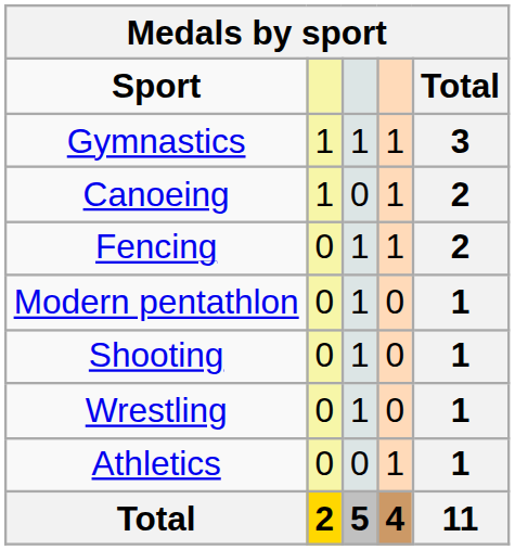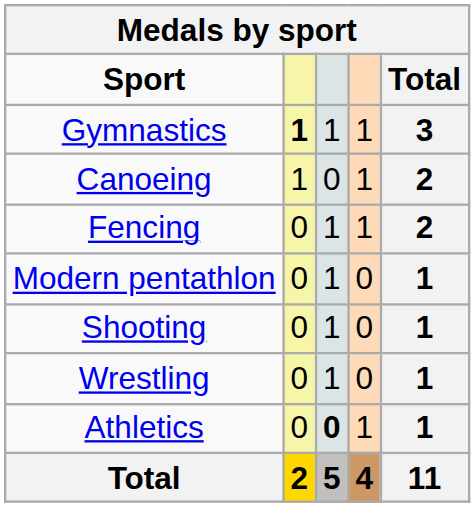 <table class="wikitable" style="font-size:85%">
 <tr style="background:#efefef;">
 <th colspan=7><strong>Medals by sport</strong></th>
 </tr>
 <tr align=center>
 <td><strong>Sport</strong></td>
 <td bgcolor=f7f6a8></td>
 <td bgcolor=dce5e5></td>
 <td bgcolor=ffdab9></td>
 <th>Total</th>
 </tr>
 <tr align=center>
 <td><a href='#'>Gymnastics</a></td>
-<td style="background:#F7F6A8;">1</td>
+<td style="background:#F7F6A8;"><strong>1</strong></td>
 <td style="background:#DCE5E5;">1</td>
 <td style="background:#FFDAB9;">1</td>
 <th>3</th>
 </tr>
 <tr align=center>
 <td><a href='#'>Canoeing</a></td>
 <td style="background:#F7F6A8;">1</td>
 <td style="background:#DCE5E5;">0</td>
 <td style="background:#FFDAB9;">1</td>
 <th>2</th>
 </tr>
 <tr align=center>
 <td><a href='#'>Fencing</a></td>
 <td style="background:#F7F6A8;">0</td>
 <td style="background:#DCE5E5;">1</td>
 <td style="background:#FFDAB9;">1</td>
 <th>2</th>
 </tr>
 <tr align=center>
 <td><a href='#'>Modern pentathlon</a></td>
 <td style="background:#F7F6A8;">0</td>
 <td style="background:#DCE5E5;">1</td>
 <td style="background:#FFDAB9;">0</td>
 <th>1</th>
 </tr>
 <tr align=center>
 <td><a href='#'>Shooting</a></td>
 <td style="background:#F7F6A8;">0</td>
 <td style="background:#DCE5E5;">1</td>
 <td style="background:#FFDAB9;">0</td>
 <th>1</th>
 </tr>
 <tr align=center>
 <td><a href='#'>Wrestling</a></td>
 <td style="background:#F7F6A8;">0</td>
 <td style="background:#DCE5E5;">1</td>
 <td style="background:#FFDAB9;">0</td>
 <th>1</th>
 </tr>
 <tr align=center>
 <td><a href='#'>Athletics</a></td>
 <td style="background:#F7F6A8;">0</td>
-<td style="background:#DCE5E5;">0</td>
+<td style="background:#DCE5E5;"><strong>0</strong></td>
 <td style="background:#FFDAB9;">1</td>
 <th>1</th>
 </tr>
 <tr align=center>
 <th>Total</th>
 <th style="background:gold">2</th>
 <th style="background:silver">5</th>
 <th style="background:#c96">4</th>
 <th>11</th>
 </tr>
 </table>
